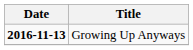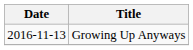 <table class="wikitable">
 <tr>
 <th>Date</th>
 <th>Title</th>
 </tr>
 <tr>
-<td><strong>2016-11-13</strong></td>
+<td>2016-11-13</td>
 <td>Growing Up Anyways</td>
 </tr>
 <tr>
 </tr>
 </table>
